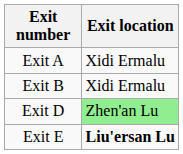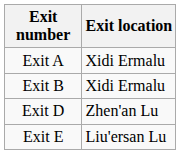 <table class="wikitable">
 <tr>
 <th style="width:70px" colspan="2">Exit number</th>
 <th>Exit location</th>
 </tr>
 <tr>
 <td align="center" colspan="2">Exit A</td>
 <td>Xidi Ermalu</td>
 </tr>
 <tr>
 <td align="center" colspan="2">Exit B</td>
 <td>Xidi Ermalu</td>
 </tr>
 <tr>
 <td align="center" colspan="2">Exit D</td>
-<td style="background: lightgreen;">Zhen'an Lu</td>
+<td>Zhen'an Lu</td>
 </tr>
 <tr>
 <td align="center" colspan="2">Exit E</td>
-<td><strong>Liu'ersan Lu</strong></td>
+<td>Liu'ersan Lu</td>
 </tr>
 </table>
